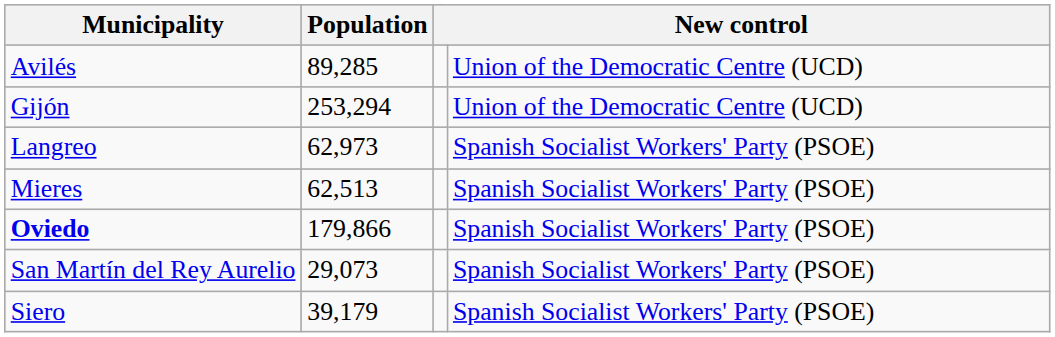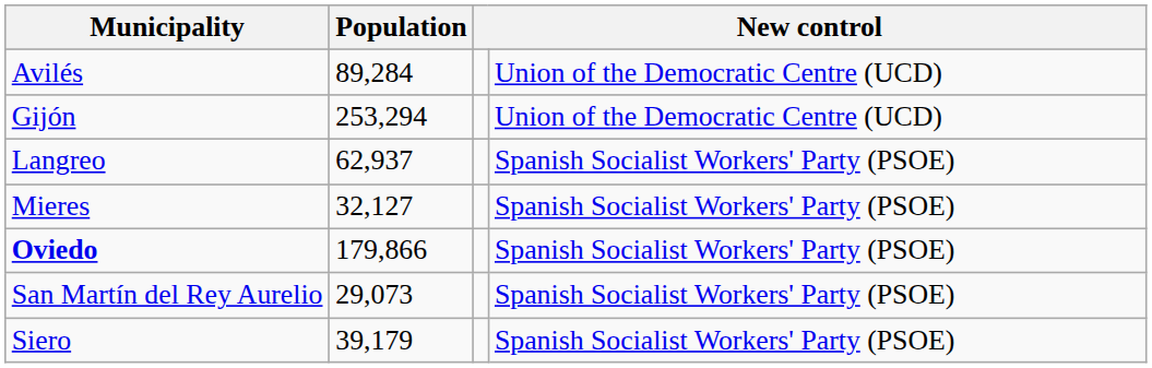 <table class="wikitable sortable">
 <tr>
 <th>Municipality</th>
 <th>Population</th>
 <th colspan="2" style="width:375px;">New control</th>
 </tr>
 <tr>
 <td><a href='#'>Avilés</a></td>
-<td>89,285</td>
+<td>89,284</td>
 <td width="1" style="color:inherit;background:"></td>
 <td><a href='#'>Union of the Democratic Centre</a> (UCD)</td>
 </tr>
 <tr>
 <td><a href='#'>Gijón</a></td>
 <td>253,294</td>
 <td style="color:inherit;background:"></td>
 <td><a href='#'>Union of the Democratic Centre</a> (UCD)</td>
 </tr>
 <tr>
 <td><a href='#'>Langreo</a></td>
-<td>62,973</td>
+<td>62,937</td>
 <td style="color:inherit;background:"></td>
 <td><a href='#'>Spanish Socialist Workers' Party</a> (PSOE)</td>
 </tr>
 <tr>
 <td><a href='#'>Mieres</a></td>
-<td>62,513</td>
+<td>32,127</td>
 <td style="color:inherit;background:"></td>
 <td><a href='#'>Spanish Socialist Workers' Party</a> (PSOE)</td>
 </tr>
 <tr>
 <td><strong><a href='#'>Oviedo</a></strong></td>
 <td>179,866</td>
 <td style="color:inherit;background:"></td>
 <td><a href='#'>Spanish Socialist Workers' Party</a> (PSOE)</td>
 </tr>
 <tr>
 <td><a href='#'>San Martín del Rey Aurelio</a></td>
 <td>29,073</td>
 <td style="color:inherit;background:"></td>
 <td><a href='#'>Spanish Socialist Workers' Party</a> (PSOE)</td>
 </tr>
 <tr>
 <td><a href='#'>Siero</a></td>
 <td>39,179</td>
 <td style="color:inherit;background:"></td>
 <td><a href='#'>Spanish Socialist Workers' Party</a> (PSOE)</td>
 </tr>
 </table>
